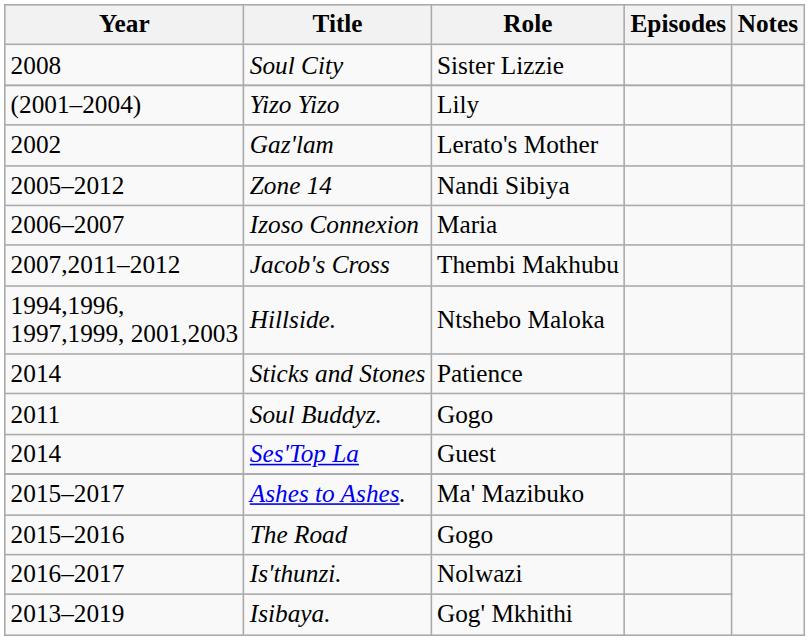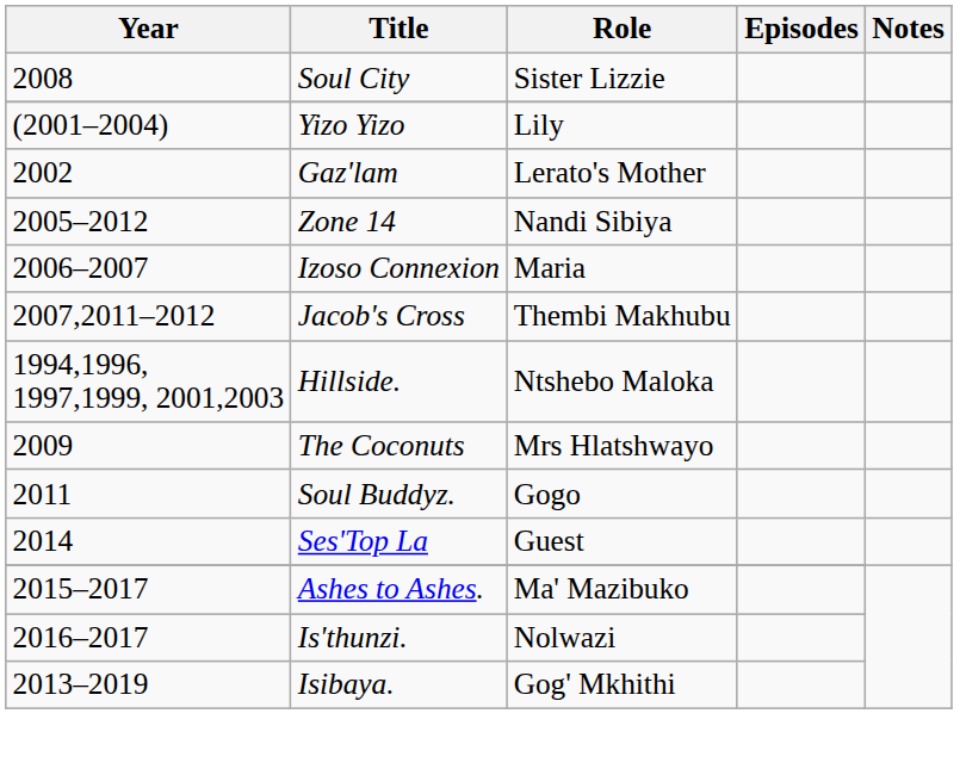 <table class="wikitable">
 <tr>
 <th>Year</th>
 <th>Title</th>
 <th>Role</th>
 <th>Episodes</th>
 <th>Notes</th>
 </tr>
 <tr>
 <td>2008</td>
 <td><em>Soul City</em></td>
 <td>Sister Lizzie</td>
 <td></td>
 <td></td>
 </tr>
 <tr>
 </tr>
 <tr>
 <td>(2001–2004)</td>
 <td><em>Yizo Yizo</em></td>
 <td>Lily</td>
 <td></td>
 <td></td>
 </tr>
 <tr>
 <td>2002</td>
 <td><em>Gaz'lam</em></td>
 <td>Lerato's Mother</td>
 <td></td>
 <td></td>
 </tr>
 <tr>
 <td>2005–2012</td>
 <td><em>Zone 14</em></td>
 <td>Nandi Sibiya</td>
 <td></td>
 <td></td>
 </tr>
 <tr>
 <td>2006–2007</td>
 <td><em>Izoso Connexion</em></td>
 <td>Maria</td>
 <td></td>
 </tr>
 <tr>
 <td>2007,2011–2012</td>
 <td><em>Jacob's Cross</em></td>
 <td>Thembi Makhubu</td>
 <td></td>
 <td></td>
 </tr>
 <tr>
 <td>1994,1996,<br>1997,1999, 2001,2003</td>
 <td><em>Hillside.</em></td>
 <td>Ntshebo Maloka</td>
 <td></td>
 <td></td>
 </tr>
 <tr>
-<td>2014</td>
-<td><em>Sticks and Stones</em></td>
-<td>Patience</td>
+<td>2009</td>
+<td><em>The Coconuts</em></td>
+<td>Mrs Hlatshwayo</td>
 <td></td>
 <td></td>
 </tr>
 <tr>
 <td>2011</td>
 <td><em>Soul Buddyz.</em></td>
 <td>Gogo</td>
 <td></td>
 <td></td>
 </tr>
 <tr>
 <td>2014</td>
 <td><em><a href='#'>Ses'Top La</a></em></td>
 <td>Guest</td>
 <td></td>
 <td></td>
 </tr>
 <tr>
 </tr>
 <tr>
 <td>2015–2017</td>
 <td><em><a href='#'>Ashes to Ashes</a>.</em></td>
 <td>Ma' Mazibuko</td>
 <td></td>
 </tr>
 <tr>
-<td>2015–2016</td>
-<td><em>The Road</em></td>
-<td>Gogo</td>
-<td></td>
-<td></td>
-</tr>
-<tr>
 <td>2016–2017</td>
 <td><em>Is'thunzi.</em></td>
 <td>Nolwazi</td>
 <td></td>
 </tr>
 <tr>
 <td>2013–2019</td>
 <td><em>Isibaya.</em></td>
 <td>Gog' Mkhithi</td>
 <td></td>
 </tr>
 </table>
